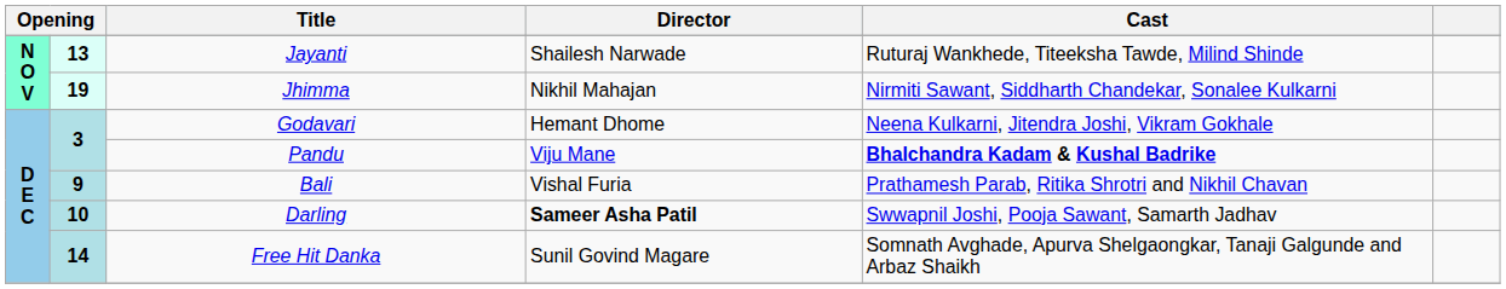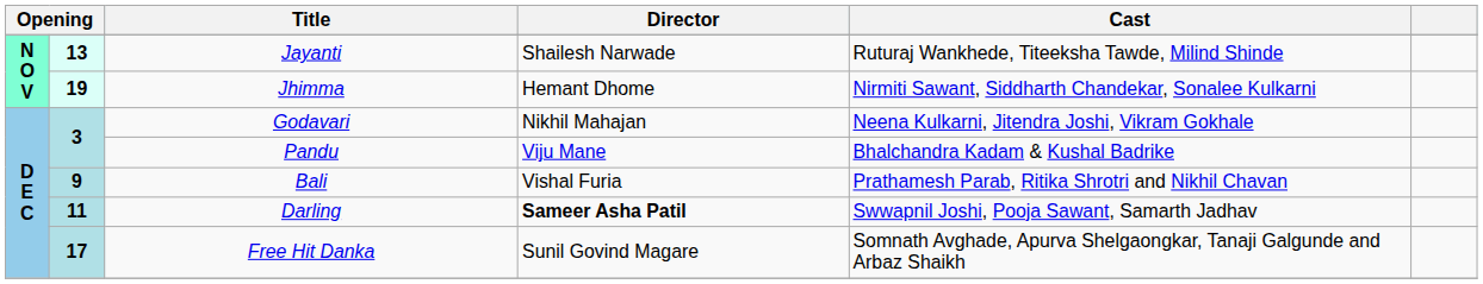 <table class="wikitable">
 <tr style="background:#b0e0e6; text-align:center;">
 <th colspan="2" style="width:6%;"><strong>Opening</strong></th>
 <th style="width:25%;"><strong>Title</strong></th>
 <th style="width:20%;"><strong>Director</strong></th>
 <th style="width:34%;"><strong>Cast</strong></th>
 <th style="width:4%;"><strong></strong></th>
 </tr>
 <tr>
 </tr>
 <tr November>
 <td rowspan="2" style="text-align:center; background:#7FFFD4; textcolor:#000;"><strong>N<br>O<br>V</strong></td>
 <td style="text-align:center;background:#dbfff8"><strong>13</strong></td>
 <td style="text-align:center;"><em><a href='#'>Jayanti</a></em></td>
 <td>Shailesh Narwade</td>
 <td>Ruturaj Wankhede, Titeeksha Tawde, <a href='#'>Milind Shinde</a></td>
 <td></td>
 </tr>
 <tr>
 <td style="text-align:center;background:#dbfff8"><strong>19</strong></td>
 <td style="text-align:center;"><em><a href='#'>Jhimma</a></em></td>
-<td>Nikhil Mahajan</td>
+<td>Hemant Dhome</td>
 <td><a href='#'>Nirmiti Sawant</a>, <a href='#'>Siddharth Chandekar</a>, <a href='#'>Sonalee Kulkarni</a></td>
 <td></td>
 </tr>
 <tr December!>
 <td rowspan="5" style="text-align:center; background:#93CCEA; textcolor:#000;"><strong>D<br>E<br>C</strong></td>
 <td rowspan="2" style="text-align:center;background:#B0E0E6;"><strong>3</strong></td>
 <td style="text-align:center;"><em><a href='#'>Godavari</a></em></td>
-<td>Hemant Dhome</td>
+<td>Nikhil Mahajan</td>
 <td><a href='#'>Neena Kulkarni</a>, <a href='#'>Jitendra Joshi</a>, <a href='#'>Vikram Gokhale</a></td>
 <td></td>
 </tr>
 <tr>
 <td style="text-align:center;"><em><a href='#'>Pandu</a></em></td>
 <td><a href='#'>Viju Mane</a></td>
-<td><strong><a href='#'>Bhalchandra Kadam</a> & <a href='#'>Kushal Badrike</a></strong></td>
+<td><a href='#'>Bhalchandra Kadam</a> & <a href='#'>Kushal Badrike</a></td>
 <td></td>
 </tr>
 <tr>
 <td rowspan="1" style="text-align:center;background:#B0E0E6;"><strong>9</strong></td>
 <td style="text-align:center;"><em><a href='#'>Bali</a></em></td>
 <td>Vishal Furia</td>
 <td><a href='#'>Prathamesh Parab</a>, <a href='#'>Ritika Shrotri</a> and <a href='#'>Nikhil Chavan</a></td>
 <td></td>
 </tr>
 <tr>
-<td rowspan="1" style="text-align:center;background:#B0E0E6;"><strong>10</strong></td>
+<td rowspan="1" style="text-align:center;background:#B0E0E6;"><strong>11</strong></td>
 <td style="text-align:center;"><em><a href='#'>Darling</a></em></td>
 <td><strong>Sameer Asha Patil</strong></td>
 <td><a href='#'>Swwapnil Joshi</a>, <a href='#'>Pooja Sawant</a>, Samarth Jadhav</td>
 <td></td>
 </tr>
 <tr>
-<td rowspan="1" style="text-align:center;background:#B0E0E6;"><strong>14</strong></td>
+<td rowspan="1" style="text-align:center;background:#B0E0E6;"><strong>17</strong></td>
 <td style="text-align:center;"><em><a href='#'>Free Hit Danka</a></em></td>
 <td>Sunil Govind Magare</td>
 <td>Somnath Avghade, Apurva  Shelgaongkar, Tanaji Galgunde and Arbaz Shaikh</td>
 <td></td>
 </tr>
 <tr>
 </tr>
 </table>
